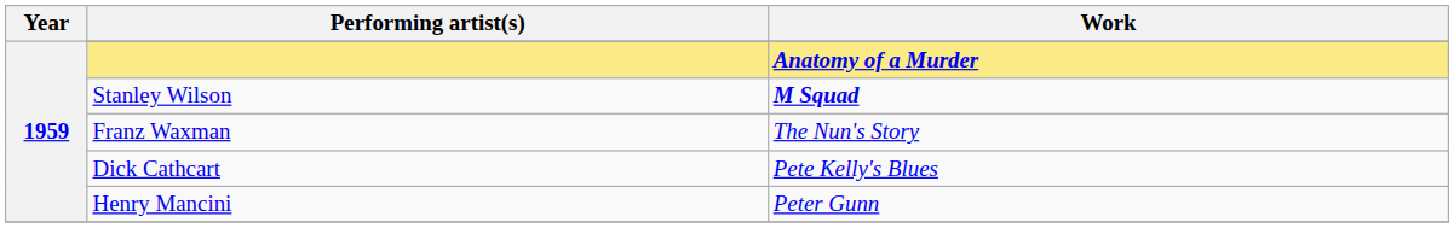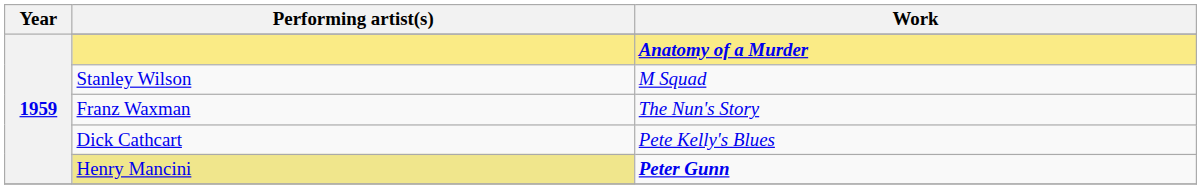 <table class="wikitable" style="width:80%">
 <tr>
 <th width="2%">Year</th>
 <th width="25%">Performing artist(s)</th>
 <th width="25%">Work</th>
 </tr>
 <tr>
 <th scope="row", rowspan=6, style="text-align:center;"><a href='#'>1959</a> <br></th>
 </tr>
 <tr style="background:#FAEB86">
 <td><strong></strong></td>
 <td><strong> <em><a href='#'>Anatomy of a Murder</a></em> </strong></td>
 </tr>
 <tr>
 <td><a href='#'>Stanley Wilson</a></td>
-<td><strong><em><a href='#'>M Squad</a></em></strong></td>
+<td><em><a href='#'>M Squad</a></em></td>
 </tr>
 <tr>
 <td><a href='#'>Franz Waxman</a></td>
 <td><em><a href='#'>The Nun's Story</a></em></td>
 </tr>
 <tr>
 <td><a href='#'>Dick Cathcart</a></td>
 <td><em><a href='#'>Pete Kelly's Blues</a></em></td>
 </tr>
 <tr>
-<td><a href='#'>Henry Mancini</a></td>
-<td><em><a href='#'>Peter Gunn</a></em></td>
+<td style="background: khaki;"><a href='#'>Henry Mancini</a></td>
+<td><strong><em><a href='#'>Peter Gunn</a></em></strong></td>
 </tr>
 <tr>
 </tr>
 </table>
